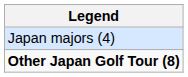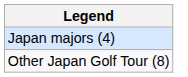 <table class="wikitable" style="font-size:95%;">
 <tr>
 <th>Legend</th>
 </tr>
 <tr style="background:#D6E8FF;">
 <td>Japan majors (4)</td>
 </tr>
 <tr>
-<td><strong>Other Japan Golf Tour (8)</strong></td>
+<td>Other Japan Golf Tour (8)</td>
 </tr>
 </table>
